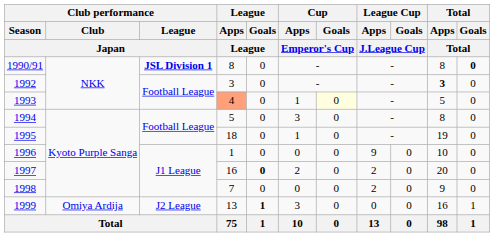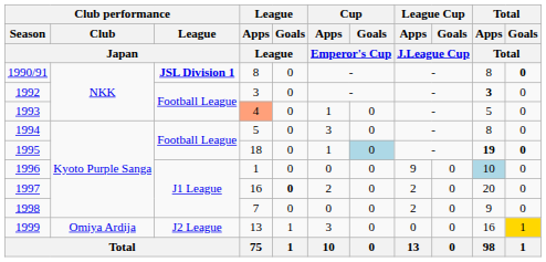 <table class="wikitable" style="text-align:center;">
 <tr>
 <th colspan=3>Club performance</th>
 <th colspan=2>League</th>
 <th colspan=2>Cup</th>
 <th colspan=2>League Cup</th>
 <th colspan=2>Total</th>
 </tr>
 <tr>
 <th>Season</th>
 <th>Club</th>
 <th>League</th>
 <th>Apps</th>
 <th>Goals</th>
 <th>Apps</th>
 <th>Goals</th>
 <th>Apps</th>
 <th>Goals</th>
 <th>Apps</th>
 <th>Goals</th>
 </tr>
 <tr>
 <th colspan=3>Japan</th>
 <th colspan=2>League</th>
 <th colspan=2><a href='#'>Emperor's Cup</a></th>
 <th colspan=2><a href='#'>J.League Cup</a></th>
 <th colspan=2>Total</th>
 </tr>
 <tr>
 <td><a href='#'>1990/91</a></td>
 <td rowspan="3"><a href='#'>NKK</a></td>
 <td><strong><a href='#'>JSL Division 1</a></strong></td>
 <td>8</td>
 <td>0</td>
 <td colspan="2">-</td>
 <td colspan="2">-</td>
 <td>8</td>
 <td><strong>0</strong></td>
 </tr>
 <tr>
 <td><a href='#'>1992</a></td>
 <td rowspan="2"><a href='#'>Football League</a></td>
 <td>3</td>
 <td>0</td>
 <td colspan="2">-</td>
 <td colspan="2">-</td>
 <td><strong>3</strong></td>
 <td>0</td>
 </tr>
 <tr>
 <td><a href='#'>1993</a></td>
 <td style="background: lightsalmon;">4</td>
 <td>0</td>
 <td>1</td>
-<td style="background: lightyellow;">0</td>
+<td>0</td>
 <td colspan="2">-</td>
 <td>5</td>
 <td>0</td>
 </tr>
 <tr>
 <td><a href='#'>1994</a></td>
 <td rowspan="5"><a href='#'>Kyoto Purple Sanga</a></td>
 <td rowspan="2"><a href='#'>Football League</a></td>
 <td>5</td>
 <td>0</td>
 <td>3</td>
 <td>0</td>
 <td colspan="2">-</td>
 <td>8</td>
 <td>0</td>
 </tr>
 <tr>
 <td><a href='#'>1995</a></td>
 <td>18</td>
 <td>0</td>
 <td>1</td>
-<td>0</td>
+<td style="background: lightblue;">0</td>
 <td colspan="2">-</td>
-<td>19</td>
-<td>0</td>
+<td><strong>19</strong></td>
+<td><strong>0</strong></td>
 </tr>
 <tr>
 <td><a href='#'>1996</a></td>
 <td rowspan="3"><a href='#'>J1 League</a></td>
 <td>1</td>
 <td>0</td>
 <td>0</td>
 <td>0</td>
 <td>9</td>
 <td>0</td>
-<td>10</td>
+<td style="background: lightblue;">10</td>
 <td>0</td>
 </tr>
 <tr>
 <td><a href='#'>1997</a></td>
 <td>16</td>
 <td><strong>0</strong></td>
 <td>2</td>
 <td>0</td>
 <td>2</td>
 <td>0</td>
 <td>20</td>
 <td>0</td>
 </tr>
 <tr>
 <td><a href='#'>1998</a></td>
 <td>7</td>
 <td>0</td>
 <td>0</td>
 <td>0</td>
 <td>2</td>
 <td>0</td>
 <td>9</td>
 <td>0</td>
 </tr>
 <tr>
 <td><a href='#'>1999</a></td>
 <td><a href='#'>Omiya Ardija</a></td>
 <td><a href='#'>J2 League</a></td>
 <td>13</td>
-<td><strong>1</strong></td>
+<td>1</td>
 <td>3</td>
 <td>0</td>
 <td>0</td>
 <td>0</td>
 <td>16</td>
-<td>1</td>
+<td style="background: gold;">1</td>
 </tr>
 <tr>
 <th colspan=3>Total</th>
 <th>75</th>
 <th>1</th>
 <th>10</th>
 <th>0</th>
 <th>13</th>
 <th>0</th>
 <th>98</th>
 <th>1</th>
 </tr>
 </table>
